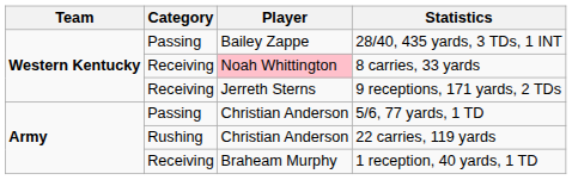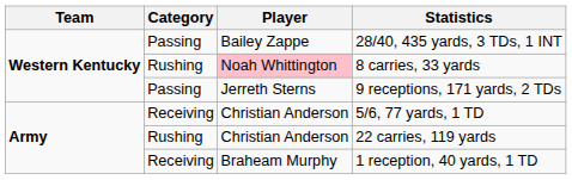 <table class="wikitable" style="float: left;">
 <tr>
 <th>Team</th>
 <th>Category</th>
 <th>Player</th>
 <th>Statistics</th>
 </tr>
 <tr>
 <td rowspan=3><strong>Western Kentucky</strong></td>
 <td>Passing</td>
 <td>Bailey Zappe</td>
 <td>28/40, 435 yards, 3 TDs, 1 INT</td>
 </tr>
 <tr>
-<td>Receiving</td>
+<td>Rushing</td>
 <td style="background: pink;">Noah Whittington</td>
 <td>8 carries, 33 yards</td>
 </tr>
 <tr>
-<td>Receiving</td>
+<td>Passing</td>
 <td>Jerreth Sterns</td>
 <td>9 receptions, 171 yards, 2 TDs</td>
 </tr>
 <tr>
 <td rowspan=3><strong>Army</strong></td>
-<td>Passing</td>
+<td>Receiving</td>
 <td>Christian Anderson</td>
 <td>5/6, 77 yards, 1 TD</td>
 </tr>
 <tr>
 <td>Rushing</td>
 <td>Christian Anderson</td>
 <td>22 carries, 119 yards</td>
 </tr>
 <tr>
 <td>Receiving</td>
 <td>Braheam Murphy</td>
 <td>1 reception, 40 yards, 1 TD</td>
 </tr>
 </table>
